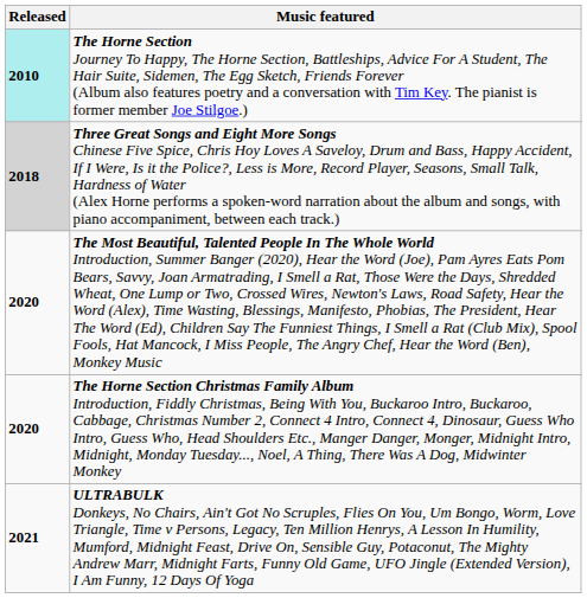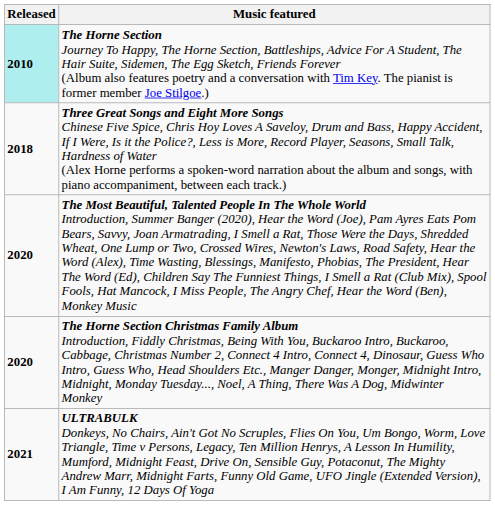 <table class="wikitable">
 <tr>
 <th>Released</th>
 <th>Music featured</th>
 </tr>
 <tr>
 <td style="background: paleturquoise;"><strong>2010</strong></td>
 <td><strong><em>The Horne Section</em></strong><br><em>Journey To Happy,</em> <em>The Horne Section,</em> <em>Battleships, Advice For A Student, The Hair Suite,</em> <em>Sidemen,</em> <em>The Egg Sketch,</em> <em>Friends Forever</em><br>(Album also features poetry and a conversation with <a href='#'>Tim Key</a>. The pianist is former member <a href='#'>Joe Stilgoe</a>.)</td>
 </tr>
 <tr>
-<td style="background: lightgrey;"><strong>2018</strong></td>
+<td><strong>2018</strong></td>
 <td><strong><em>Three Great Songs and Eight More Songs</em></strong><br><em>Chinese Five Spice,</em> <em>Chris Hoy Loves A Saveloy,</em> <em>Drum and Bass,</em> <em>Happy Accident,</em> <em>If I Were,</em> <em>Is it the Police?,</em> <em>Less</em> <em>is</em> <em>More,</em> <em>Record Player,</em> <em>Seasons,</em> <em>Small Talk,</em> <em>Hardness of Water</em><br>(Alex Horne performs a spoken-word narration about the album and songs, with piano accompaniment, between each track.)</td>
 </tr>
 <tr>
 <td><strong>2020</strong></td>
 <td><strong><em>The Most Beautiful, Talented People In The Whole World</em></strong><br><em>Introduction, Summer Banger (2020), Hear the Word (Joe), Pam Ayres Eats Pom Bears, Savvy, Joan Armatrading, I Smell a Rat, Those Were the Days, Shredded Wheat, One Lump or Two, Crossed Wires, Newton's Laws, Road Safety, Hear the Word (Alex), Time Wasting, Blessings, Manifesto, Phobias, The President, Hear The Word (Ed), Children Say The Funniest Things, I Smell a Rat (Club Mix), Spool Fools, Hat Mancock, I Miss People, The Angry Chef, Hear the Word (Ben), Monkey Music</em></td>
 </tr>
 <tr>
 <td><strong>2020</strong></td>
 <td><strong><em>The Horne Section Christmas Family Album</em></strong><br><em>Introduction, Fiddly Christmas, Being With You, Buckaroo Intro, Buckaroo, Cabbage, Christmas Number 2, Connect 4 Intro, Connect 4, Dinosaur, Guess Who Intro, Guess Who, Head Shoulders Etc., Manger Danger, Monger, Midnight Intro, Midnight, Monday Tuesday..., Noel, A Thing, There Was A Dog, Midwinter Monkey</em></td>
 </tr>
 <tr>
 <td><strong>2021</strong></td>
 <td><strong><em>ULTRABULK</em></strong><br><em>Donkeys, No Chairs, Ain't Got No Scruples, Flies On You, Um Bongo, Worm, Love Triangle, Time v Persons, Legacy, Ten Million Henrys, A Lesson In Humility, Mumford, Midnight Feast, Drive On, Sensible Guy, Potaconut, The Mighty Andrew Marr, Midnight Farts, Funny Old Game, UFO Jingle (Extended Version), I Am Funny, 12 Days Of Yoga</em></td>
 </tr>
 </table>
